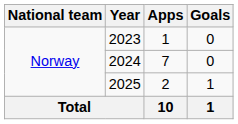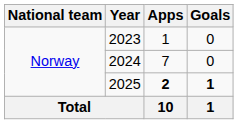 <table class=wikitable style=text-align:center>
 <tr>
 <th>National team</th>
 <th>Year</th>
 <th>Apps</th>
 <th>Goals</th>
 </tr>
 <tr>
 <td rowspan="3"><a href='#'>Norway</a></td>
 <td>2023</td>
 <td>1</td>
 <td>0</td>
 </tr>
 <tr>
 <td>2024</td>
 <td>7</td>
 <td>0</td>
 </tr>
 <tr>
 <td>2025</td>
-<td>2</td>
-<td>1</td>
+<td><strong>2</strong></td>
+<td><strong>1</strong></td>
 </tr>
 <tr>
 <th colspan="2">Total</th>
 <th>10</th>
 <th>1</th>
 </tr>
 </table>
